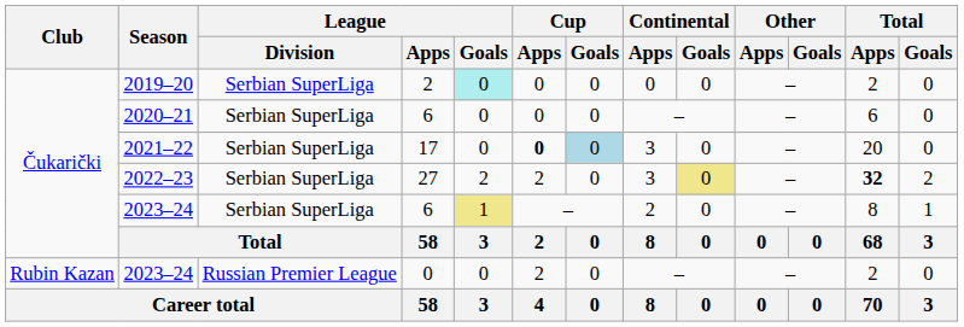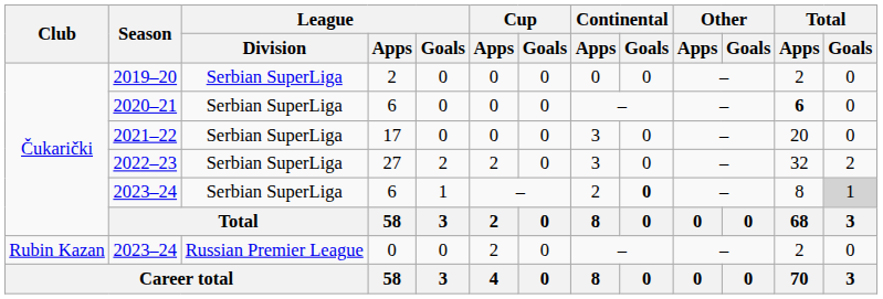 <table class="wikitable" style="text-align: center">
 <tr>
 <th rowspan="2">Club</th>
 <th rowspan="2">Season</th>
 <th colspan="3">League</th>
 <th colspan="2">Cup</th>
 <th colspan="2">Continental</th>
 <th colspan="2">Other</th>
 <th colspan="2">Total</th>
 </tr>
 <tr>
 <th>Division</th>
 <th>Apps</th>
 <th>Goals</th>
 <th>Apps</th>
 <th>Goals</th>
 <th>Apps</th>
 <th>Goals</th>
 <th>Apps</th>
 <th>Goals</th>
 <th>Apps</th>
 <th>Goals</th>
 </tr>
 <tr>
 <td rowspan="6"><a href='#'>Čukarički</a></td>
 <td><a href='#'>2019–20</a></td>
 <td><a href='#'>Serbian SuperLiga</a></td>
 <td>2</td>
-<td style="background: paleturquoise;">0</td>
+<td>0</td>
 <td>0</td>
 <td>0</td>
 <td>0</td>
 <td>0</td>
 <td colspan=2>–</td>
 <td>2</td>
 <td>0</td>
 </tr>
 <tr>
 <td><a href='#'>2020–21</a></td>
 <td>Serbian SuperLiga</td>
 <td>6</td>
 <td>0</td>
 <td>0</td>
 <td>0</td>
 <td colspan=2>–</td>
 <td colspan=2>–</td>
-<td>6</td>
+<td><strong>6</strong></td>
 <td>0</td>
 </tr>
 <tr>
 <td><a href='#'>2021–22</a></td>
 <td>Serbian SuperLiga</td>
 <td>17</td>
 <td>0</td>
-<td><strong>0</strong></td>
-<td style="background: lightblue;">0</td>
+<td>0</td>
+<td>0</td>
 <td>3</td>
 <td>0</td>
 <td colspan=2>–</td>
 <td>20</td>
 <td>0</td>
 </tr>
 <tr>
 <td><a href='#'>2022–23</a></td>
 <td>Serbian SuperLiga</td>
 <td>27</td>
 <td>2</td>
 <td>2</td>
 <td>0</td>
 <td>3</td>
-<td style="background: khaki;">0</td>
+<td>0</td>
 <td colspan=2>–</td>
-<td><strong>32</strong></td>
+<td>32</td>
 <td>2</td>
 </tr>
 <tr>
 <td><a href='#'>2023–24</a></td>
 <td>Serbian SuperLiga</td>
 <td>6</td>
-<td style="background: khaki;">1</td>
+<td>1</td>
 <td colspan=2>–</td>
 <td>2</td>
-<td>0</td>
+<td><strong>0</strong></td>
 <td colspan=2>–</td>
 <td>8</td>
-<td>1</td>
+<td style="background: lightgrey;">1</td>
 </tr>
 <tr>
 <th colspan="2">Total</th>
 <th>58</th>
 <th>3</th>
 <th>2</th>
 <th>0</th>
 <th>8</th>
 <th>0</th>
 <th>0</th>
 <th>0</th>
 <th>68</th>
 <th>3</th>
 </tr>
 <tr>
 <td><a href='#'>Rubin Kazan</a></td>
 <td><a href='#'>2023–24</a></td>
 <td><a href='#'>Russian Premier League</a></td>
 <td>0</td>
 <td>0</td>
 <td>2</td>
 <td>0</td>
 <td colspan=2>–</td>
 <td colspan=2>–</td>
 <td>2</td>
 <td>0</td>
 </tr>
 <tr>
 <th colspan="3">Career total</th>
 <th>58</th>
 <th>3</th>
 <th>4</th>
 <th>0</th>
 <th>8</th>
 <th>0</th>
 <th>0</th>
 <th>0</th>
 <th>70</th>
 <th>3</th>
 </tr>
 </table>
